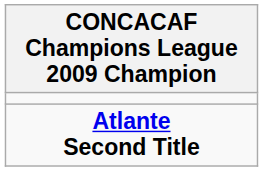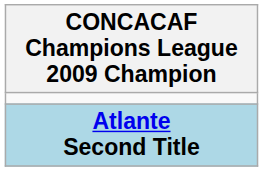 <table class="wikitable" style="text-align: center; margin: 0 auto; width: 20%">
 <tr>
 <th>CONCACAF Champions League<br>2009 Champion</th>
 </tr>
 <tr>
 <td></td>
 </tr>
 <tr>
-<td><strong><a href='#'>Atlante</a></strong><br><strong>Second Title</strong></td>
+<td style="background: lightblue;"><strong><a href='#'>Atlante</a></strong><br><strong>Second Title</strong></td>
 </tr>
 </table>
